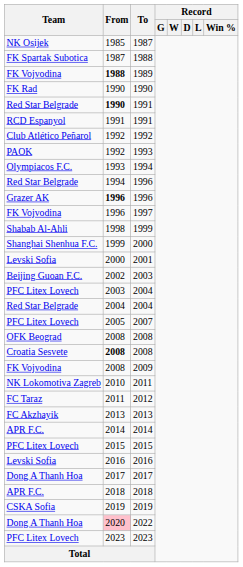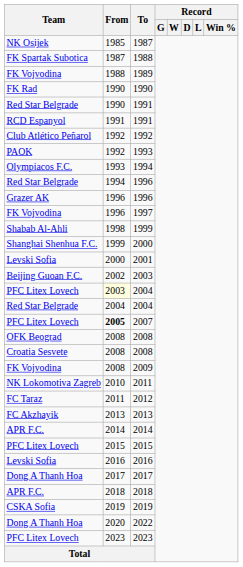 <table class="wikitable" style="text-align: center">
 <tr>
 <th rowspan="2">Team</th>
 <th rowspan="2">From</th>
 <th rowspan="2">To</th>
 <th colspan="5">Record</th>
 </tr>
 <tr>
 <th>G</th>
 <th>W</th>
 <th>D</th>
 <th>L</th>
 <th>Win %</th>
 </tr>
 <tr>
 <td align="left"><a href='#'>NK Osijek</a></td>
 <td align="left">1985</td>
 <td align="left">1987<br></td>
 </tr>
 <tr>
 <td align="left"><a href='#'>FK Spartak Subotica</a></td>
 <td align="left">1987</td>
 <td align="left">1988<br></td>
 </tr>
 <tr>
 <td align="left"><a href='#'>FK Vojvodina</a></td>
-<td align="left"><strong>1988</strong></td>
+<td align="left">1988</td>
 <td align="left">1989<br></td>
 </tr>
 <tr>
 <td align="left"><a href='#'>FK Rad</a></td>
 <td align="left">1990</td>
 <td align="left">1990<br></td>
 </tr>
 <tr>
 <td align="left"><a href='#'>Red Star Belgrade</a></td>
-<td align="left"><strong>1990</strong></td>
+<td align="left">1990</td>
 <td align="left">1991<br></td>
 </tr>
 <tr>
 <td align="left"><a href='#'>RCD Espanyol</a></td>
 <td align="left">1991</td>
 <td align="left">1991<br></td>
 </tr>
 <tr>
 <td align="left"><a href='#'>Club Atlético Peñarol</a></td>
 <td align="left">1992</td>
 <td align="left">1992<br></td>
 </tr>
 <tr>
 <td align="left"><a href='#'>PAOK</a></td>
 <td align="left">1992</td>
 <td align="left">1993<br></td>
 </tr>
 <tr>
 <td align="left"><a href='#'>Olympiacos F.C.</a></td>
 <td align="left">1993</td>
 <td align="left">1994<br></td>
 </tr>
 <tr>
 <td align="left"><a href='#'>Red Star Belgrade</a></td>
 <td align="left">1994</td>
 <td align="left">1996<br></td>
 </tr>
 <tr>
 <td align="left"><a href='#'>Grazer AK</a></td>
-<td align="left"><strong>1996</strong></td>
+<td align="left">1996</td>
 <td align="left">1996<br></td>
 </tr>
 <tr>
 <td align="left"><a href='#'>FK Vojvodina</a></td>
 <td align="left">1996</td>
 <td align="left">1997<br></td>
 </tr>
 <tr>
 <td align="left"><a href='#'>Shabab Al-Ahli</a></td>
 <td align="left">1998</td>
 <td align="left">1999<br></td>
 </tr>
 <tr>
 <td align="left"><a href='#'>Shanghai Shenhua F.C.</a></td>
 <td align="left">1999</td>
 <td align="left">2000<br></td>
 </tr>
 <tr>
 <td align="left"><a href='#'>Levski Sofia</a></td>
 <td align="left">2000</td>
 <td align="left">2001<br></td>
 </tr>
 <tr>
 <td align="left"><a href='#'>Beijing Guoan F.C.</a></td>
 <td align="left">2002</td>
 <td align="left">2003<br></td>
 </tr>
 <tr>
 <td align="left"><a href='#'>PFC Litex Lovech</a></td>
-<td align="left">2003</td>
+<td align="left" style="background: lightyellow;">2003</td>
 <td align="left">2004<br></td>
 </tr>
 <tr>
 <td align="left"><a href='#'>Red Star Belgrade</a></td>
 <td align="left">2004</td>
 <td align="left">2004<br></td>
 </tr>
 <tr>
 <td align="left"><a href='#'>PFC Litex Lovech</a></td>
-<td align="left">2005</td>
+<td align="left"><strong>2005</strong></td>
 <td align="left">2007<br></td>
 </tr>
 <tr>
 <td align="left"><a href='#'>OFK Beograd</a></td>
 <td align="left">2008</td>
 <td align="left">2008<br></td>
 </tr>
 <tr>
 <td align="left"><a href='#'>Croatia Sesvete</a></td>
-<td align="left"><strong>2008</strong></td>
+<td align="left">2008</td>
 <td align="left">2008<br></td>
 </tr>
 <tr>
 <td align="left"><a href='#'>FK Vojvodina</a></td>
 <td align="left">2008</td>
 <td align="left">2009<br></td>
 </tr>
 <tr>
 <td align="left"><a href='#'>NK Lokomotiva Zagreb</a></td>
 <td align="left">2010</td>
 <td align="left">2011<br></td>
 </tr>
 <tr>
 <td align="left"><a href='#'>FC Taraz</a></td>
 <td align="left">2011</td>
 <td align="left">2012<br></td>
 </tr>
 <tr>
 <td align="left"><a href='#'>FC Akzhayik</a></td>
 <td align="left">2013</td>
 <td align="left">2013<br></td>
 </tr>
 <tr>
 <td align="left"><a href='#'>APR F.C.</a></td>
 <td align="left">2014</td>
 <td align="left">2014<br></td>
 </tr>
 <tr>
 <td align="left"><a href='#'>PFC Litex Lovech</a></td>
 <td align="left">2015</td>
 <td align="left">2015<br></td>
 </tr>
 <tr>
 <td align="left"><a href='#'>Levski Sofia</a></td>
 <td align="left">2016</td>
 <td align="left">2016<br></td>
 </tr>
 <tr>
 <td align="left"><a href='#'>Dong A Thanh Hoa</a></td>
 <td align="left">2017</td>
 <td align="left">2017<br></td>
 </tr>
 <tr>
 <td align="left"><a href='#'>APR F.C.</a></td>
 <td align="left">2018</td>
 <td align="left">2018<br></td>
 </tr>
 <tr>
 <td align="left"><a href='#'>CSKA Sofia</a></td>
 <td align="left">2019</td>
 <td align="left">2019<br></td>
 </tr>
 <tr>
 <td align="left"><a href='#'>Dong A Thanh Hoa</a></td>
-<td align="left" style="background: pink;">2020</td>
+<td align="left">2020</td>
 <td align="left">2022<br></td>
 </tr>
 <tr>
 <td align="left"><a href='#'>PFC Litex Lovech</a></td>
 <td align="left">2023</td>
 <td align="left">2023<br></td>
 </tr>
 <tr>
 <th colspan="3">Total<br></th>
 </tr>
 </table>
